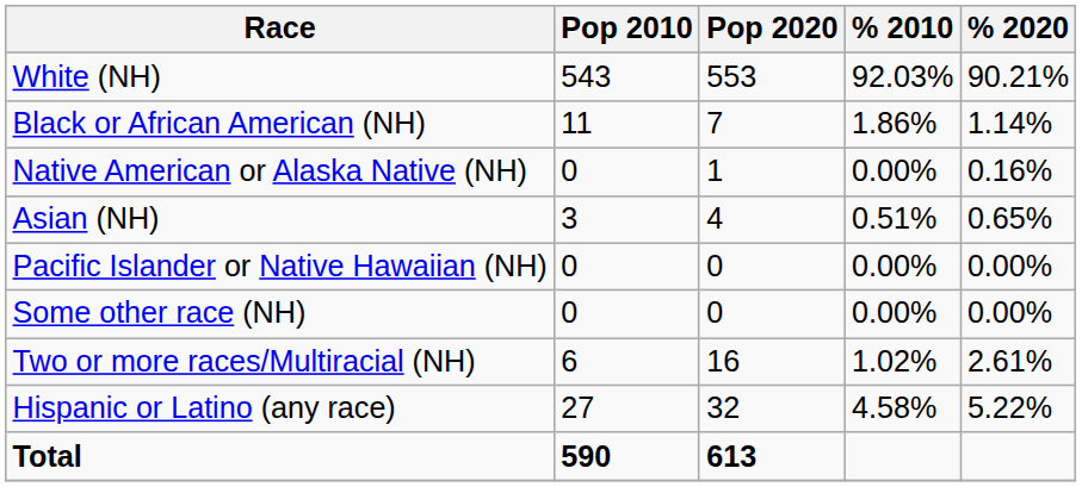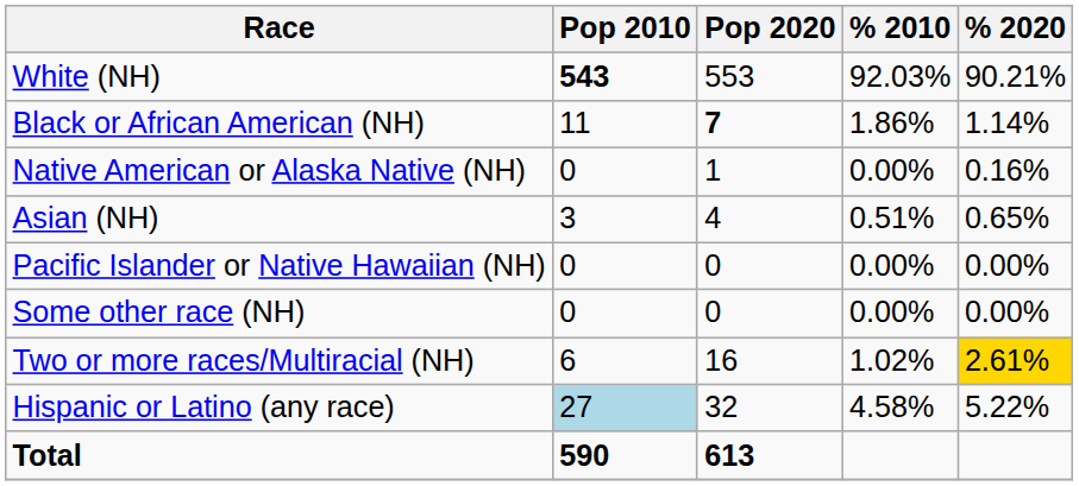 <table class="wikitable">
 <tr>
 <th>Race</th>
 <th>Pop 2010</th>
 <th>Pop 2020</th>
 <th>% 2010</th>
 <th>% 2020</th>
 </tr>
 <tr>
 <td><a href='#'>White</a> (NH)</td>
-<td>543</td>
+<td><strong>543</strong></td>
 <td>553</td>
 <td>92.03%</td>
 <td>90.21%</td>
 </tr>
 <tr>
 <td><a href='#'>Black or African American</a> (NH)</td>
 <td>11</td>
-<td>7</td>
+<td><strong>7</strong></td>
 <td>1.86%</td>
 <td>1.14%</td>
 </tr>
 <tr>
 <td><a href='#'>Native American</a> or <a href='#'>Alaska Native</a> (NH)</td>
 <td>0</td>
 <td>1</td>
 <td>0.00%</td>
 <td>0.16%</td>
 </tr>
 <tr>
 <td><a href='#'>Asian</a> (NH)</td>
 <td>3</td>
 <td>4</td>
 <td>0.51%</td>
 <td>0.65%</td>
 </tr>
 <tr>
 <td><a href='#'>Pacific Islander</a> or <a href='#'>Native Hawaiian</a> (NH)</td>
 <td>0</td>
 <td>0</td>
 <td>0.00%</td>
 <td>0.00%</td>
 </tr>
 <tr>
 <td><a href='#'>Some other race</a> (NH)</td>
 <td>0</td>
 <td>0</td>
 <td>0.00%</td>
 <td>0.00%</td>
 </tr>
 <tr>
 <td><a href='#'>Two or more races/Multiracial</a> (NH)</td>
 <td>6</td>
 <td>16</td>
 <td>1.02%</td>
-<td>2.61%</td>
+<td style="background: gold;">2.61%</td>
 </tr>
 <tr>
 <td><a href='#'>Hispanic or Latino</a> (any race)</td>
-<td>27</td>
+<td style="background: lightblue;">27</td>
 <td>32</td>
 <td>4.58%</td>
 <td>5.22%</td>
 </tr>
 <tr>
 <td><strong>Total</strong></td>
 <td><strong>590</strong></td>
 <td><strong>613</strong></td>
 <td></td>
 <td></td>
 </tr>
 <tr>
 </tr>
 </table>
